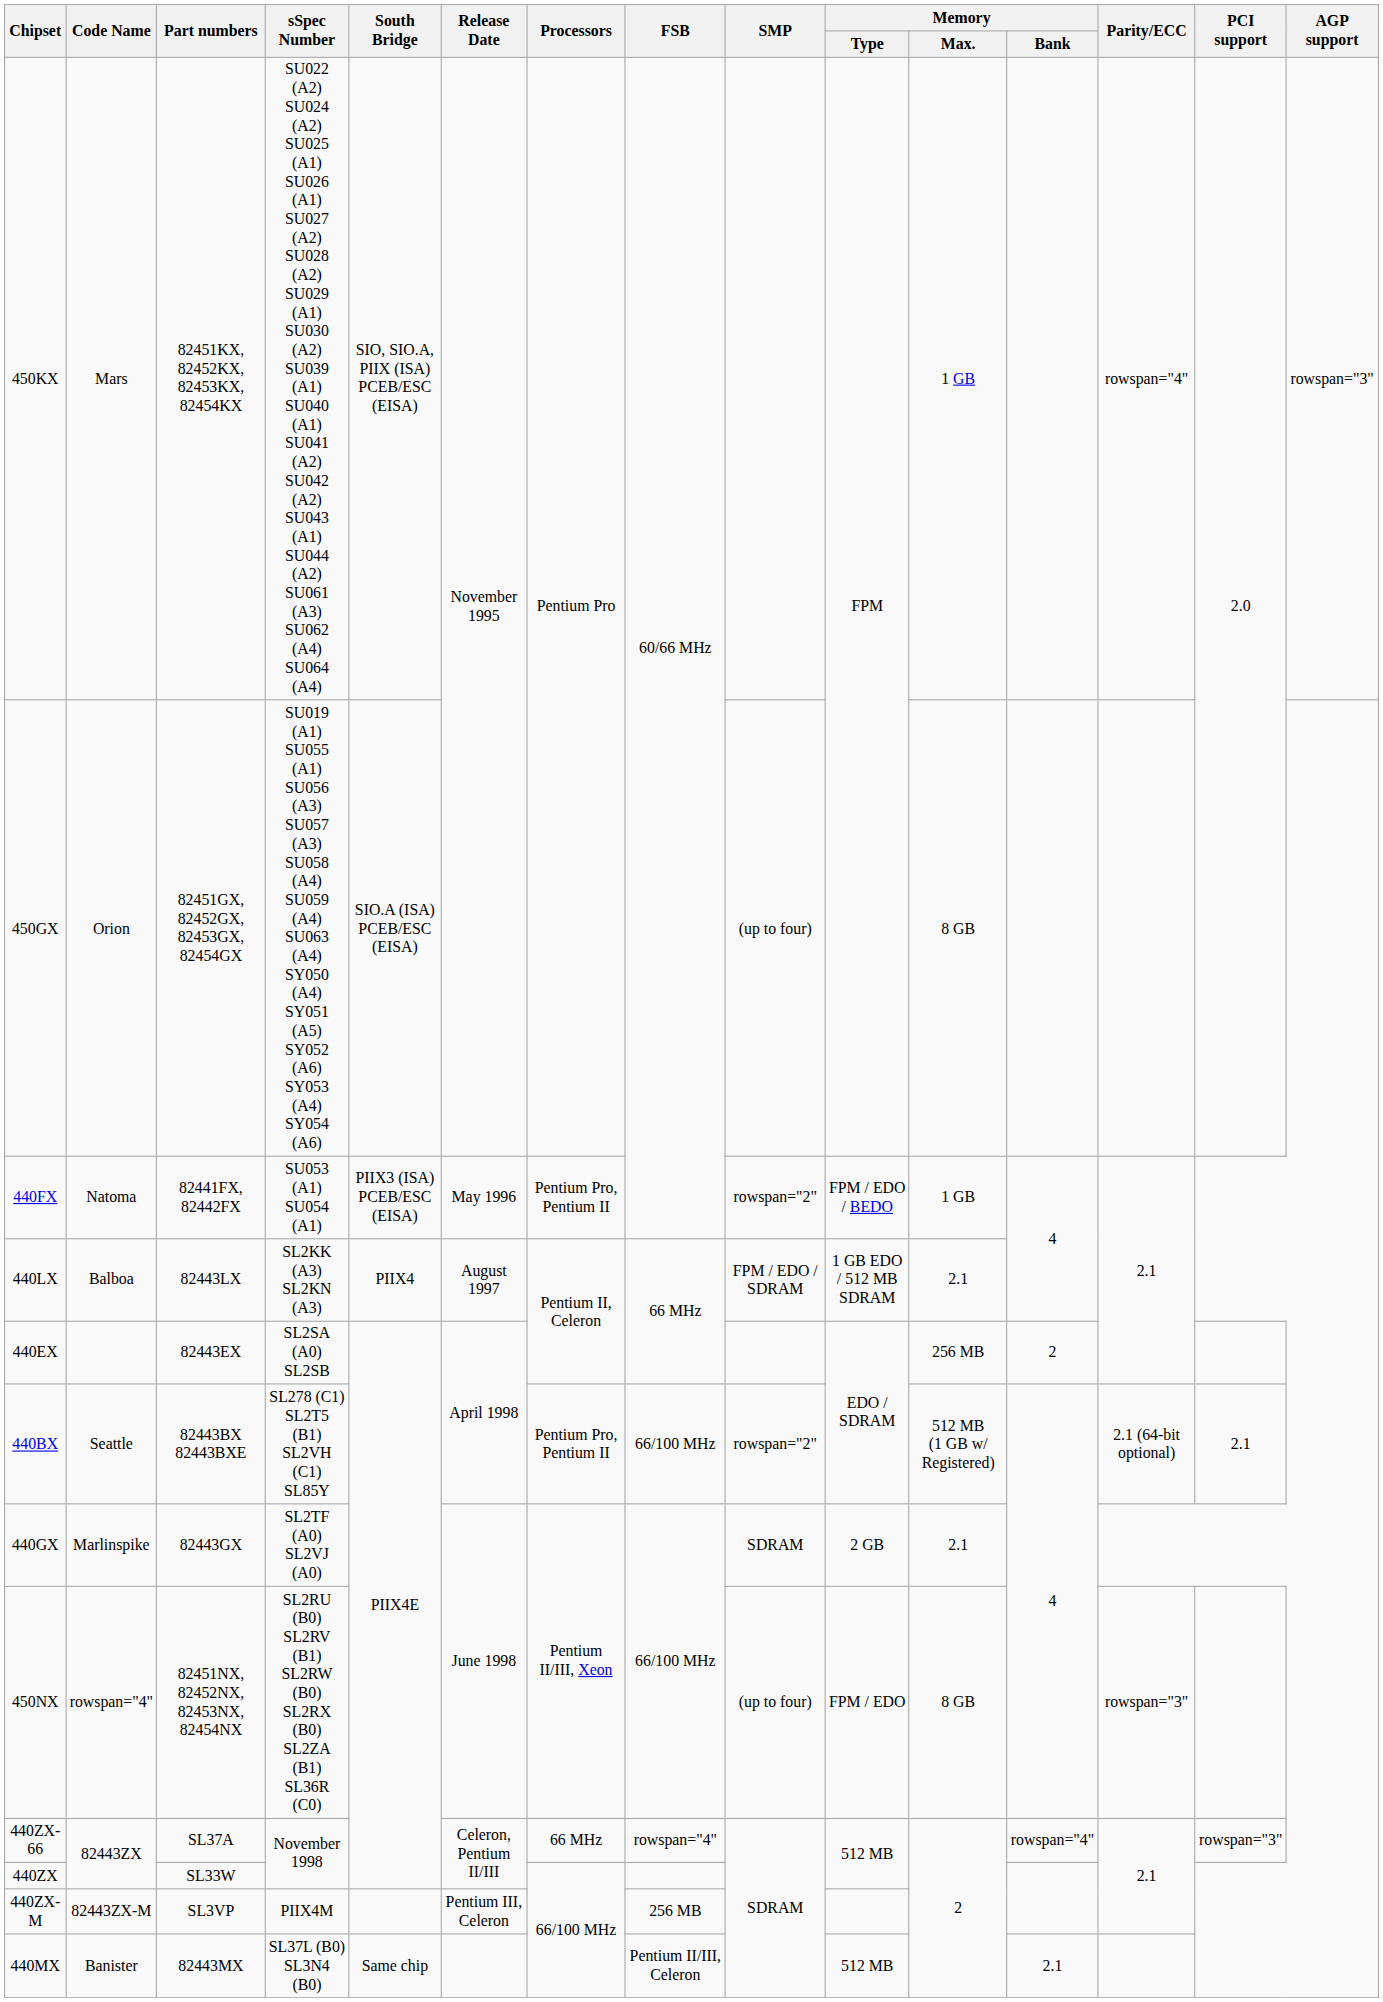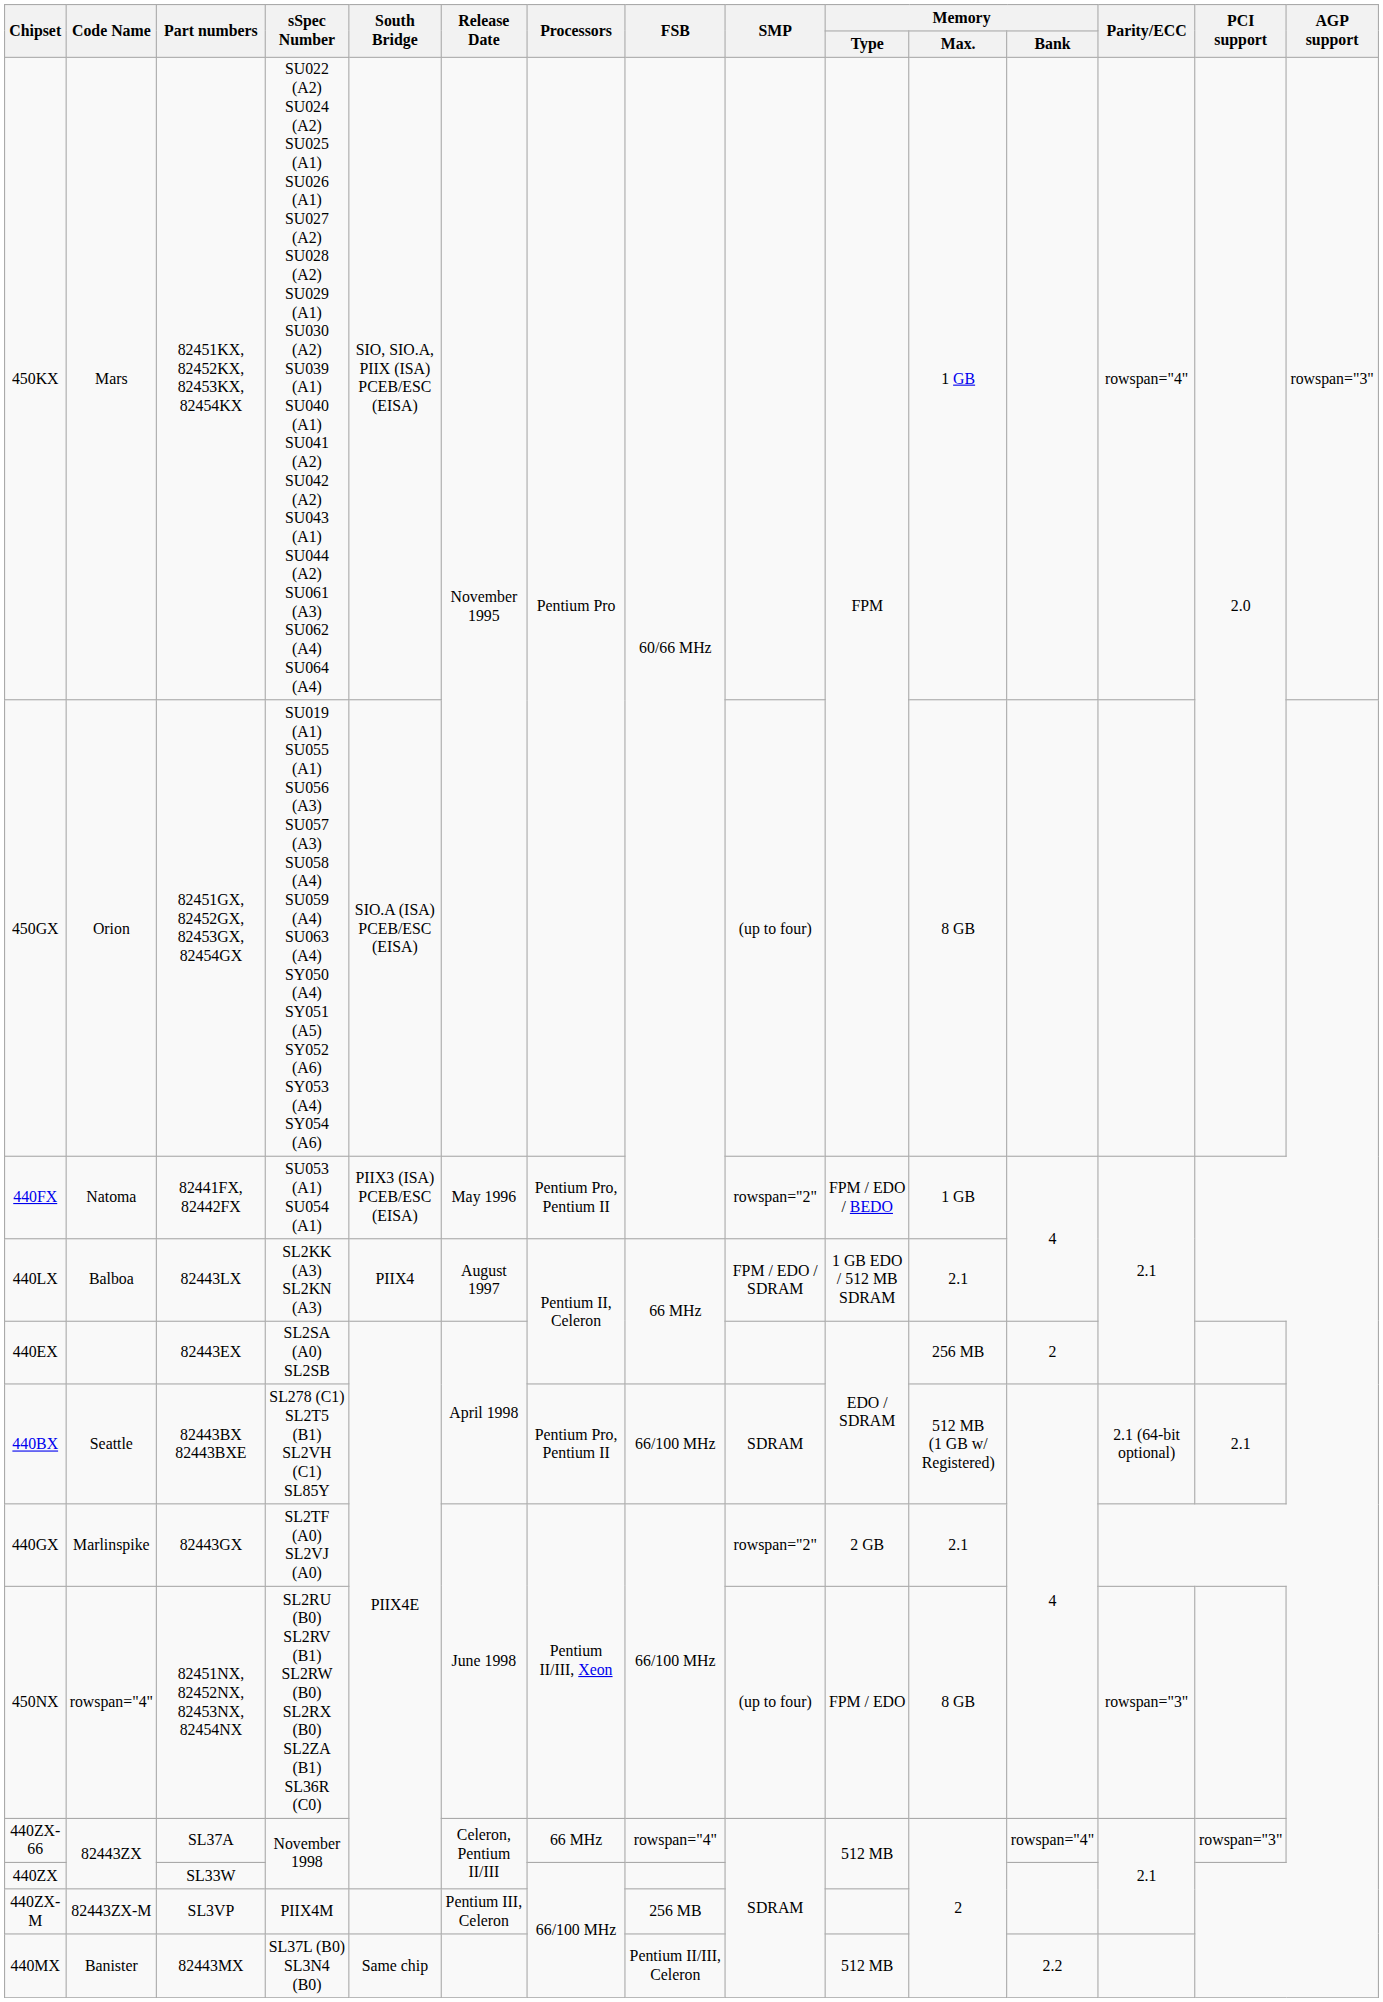 <table class="wikitable" style="font-size: 90%; text-align:center;">
 <tr>
 <th rowspan="2">Chipset</th>
 <th rowspan="2">Code Name</th>
 <th rowspan="2">Part numbers</th>
 <th rowspan="2">sSpec Number</th>
 <th rowspan="2">South Bridge</th>
 <th rowspan="2">Release Date</th>
 <th rowspan="2">Processors</th>
 <th rowspan="2">FSB</th>
 <th rowspan="2">SMP</th>
 <th colspan="3">Memory</th>
 <th rowspan="2">Parity/ECC</th>
 <th rowspan="2">PCI support</th>
 <th rowspan="2">AGP support</th>
 </tr>
 <tr>
 <th>Type</th>
 <th>Max.</th>
 <th>Bank</th>
 </tr>
 <tr>
 <td>450KX</td>
 <td>Mars</td>
 <td>82451KX, 82452KX, 82453KX, 82454KX</td>
 <td>SU022 (A2)<br>SU024 (A2)<br>SU025 (A1)<br>SU026 (A1)<br>SU027 (A2)<br>SU028 (A2)<br>SU029 (A1)<br>SU030 (A2)<br>SU039 (A1)<br>SU040 (A1)<br>SU041 (A2)<br>SU042 (A2)<br>SU043 (A1)<br>SU044 (A2)<br>SU061 (A3)<br>SU062 (A4)<br>SU064 (A4)</td>
 <td>SIO, SIO.A, PIIX (ISA)<br>PCEB/ESC (EISA)</td>
 <td rowspan="2">November 1995</td>
 <td rowspan="2">Pentium Pro</td>
 <td rowspan="3">60/66 MHz</td>
 <td></td>
 <td rowspan="2">FPM</td>
 <td>1 <a href='#'>GB</a></td>
 <td></td>
 <td>rowspan="4" </td>
 <td rowspan="2">2.0</td>
 <td>rowspan="3" </td>
 </tr>
 <tr>
 <td>450GX</td>
 <td>Orion</td>
 <td>82451GX, 82452GX, 82453GX, 82454GX</td>
 <td>SU019 (A1)<br>SU055 (A1)<br>SU056 (A3)<br>SU057 (A3)<br>SU058 (A4)<br>SU059 (A4)<br>SU063 (A4)<br>SY050 (A4)<br>SY051 (A5)<br>SY052 (A6)<br>SY053 (A4)<br>SY054 (A6)</td>
 <td>SIO.A (ISA)<br>PCEB/ESC (EISA)</td>
 <td> (up to four)</td>
 <td>8 GB</td>
 <td></td>
 </tr>
 <tr>
 <td><a href='#'>440FX</a></td>
 <td>Natoma</td>
 <td>82441FX, 82442FX</td>
 <td>SU053 (A1)<br>SU054 (A1)</td>
 <td>PIIX3 (ISA)<br>PCEB/ESC (EISA)</td>
 <td>May 1996</td>
 <td>Pentium Pro, Pentium II</td>
 <td>rowspan="2" </td>
 <td>FPM / EDO / <a href='#'>BEDO</a></td>
 <td>1 GB</td>
 <td rowspan="2">4</td>
 <td rowspan="3">2.1</td>
 </tr>
 <tr>
 <td>440LX</td>
 <td>Balboa</td>
 <td>82443LX</td>
 <td>SL2KK (A3)<br>SL2KN (A3)</td>
 <td>PIIX4</td>
 <td>August 1997</td>
 <td rowspan="2">Pentium II, Celeron</td>
 <td rowspan="2">66 MHz</td>
 <td>FPM / EDO / SDRAM</td>
 <td>1 GB EDO / 512 MB SDRAM</td>
 <td>2.1</td>
 </tr>
 <tr>
 <td>440EX</td>
 <td></td>
 <td>82443EX</td>
 <td>SL2SA (A0)<br>SL2SB</td>
 <td rowspan="6">PIIX4E</td>
 <td rowspan="2">April 1998</td>
 <td></td>
 <td rowspan="2">EDO / SDRAM</td>
 <td>256 MB</td>
 <td>2</td>
 <td></td>
 </tr>
 <tr>
 <td><a href='#'>440BX</a></td>
 <td>Seattle</td>
 <td>82443BX<br>82443BXE</td>
 <td>SL278 (C1)<br>SL2T5 (B1)<br>SL2VH (C1) SL85Y</td>
 <td>Pentium Pro, Pentium II</td>
 <td>66/100 MHz</td>
-<td>rowspan="2" </td>
+<td>SDRAM</td>
 <td>512 MB (1 GB w/ Registered)</td>
 <td rowspan="3">4</td>
 <td>2.1 (64-bit optional)</td>
 <td>2.1</td>
 </tr>
 <tr>
 <td>440GX</td>
 <td>Marlinspike</td>
 <td>82443GX</td>
 <td>SL2TF (A0)<br>SL2VJ (A0)</td>
 <td rowspan="2">June 1998</td>
 <td rowspan="2">Pentium II/III, <a href='#'>Xeon</a></td>
 <td rowspan="2">66/100 MHz</td>
-<td>SDRAM</td>
+<td>rowspan="2" </td>
 <td>2 GB</td>
 <td>2.1</td>
 </tr>
 <tr>
 <td>450NX</td>
 <td>rowspan="4" </td>
 <td>82451NX, 82452NX, 82453NX, 82454NX</td>
 <td>SL2RU (B0)<br>SL2RV (B1)<br>SL2RW (B0)<br>SL2RX (B0)<br>SL2ZA (B1)<br>SL36R (C0)</td>
 <td> (up to four)</td>
 <td>FPM / EDO</td>
 <td>8 GB</td>
 <td>rowspan="3" </td>
 <td></td>
 </tr>
 <tr>
 <td>440ZX-66</td>
 <td rowspan="2">82443ZX</td>
 <td>SL37A</td>
 <td rowspan="2">November 1998</td>
 <td rowspan="2">Celeron, Pentium II/III</td>
 <td>66 MHz</td>
 <td>rowspan="4" </td>
 <td rowspan="4">SDRAM</td>
 <td rowspan="2">512 MB</td>
 <td rowspan="4">2</td>
 <td>rowspan="4" </td>
 <td rowspan="3">2.1</td>
 <td>rowspan="3" </td>
 </tr>
 <tr>
 <td>440ZX</td>
 <td>SL33W</td>
 <td rowspan="3">66/100 MHz</td>
 </tr>
 <tr>
 <td>440ZX-M</td>
 <td>82443ZX-M</td>
 <td>SL3VP</td>
 <td>PIIX4M</td>
 <td></td>
 <td>Pentium III, Celeron</td>
 <td>256 MB</td>
 </tr>
 <tr>
 <td>440MX</td>
 <td>Banister</td>
 <td>82443MX</td>
 <td>SL37L (B0)<br>SL3N4 (B0)</td>
 <td>Same chip</td>
 <td></td>
 <td>Pentium II/III, Celeron</td>
 <td>512 MB</td>
-<td>2.1</td>
+<td>2.2</td>
 <td></td>
 </tr>
 </table>
